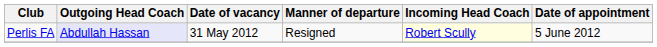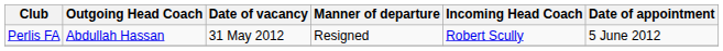 <table class="wikitable">
 <tr>
 <th>Club</th>
 <th>Outgoing Head Coach</th>
 <th>Date of vacancy</th>
 <th>Manner of departure</th>
 <th>Incoming Head Coach</th>
 <th>Date of appointment</th>
 </tr>
 <tr>
 <td><a href='#'>Perlis FA</a></td>
-<td style="background: lavender;"> <a href='#'>Abdullah Hassan</a></td>
+<td> <a href='#'>Abdullah Hassan</a></td>
 <td>31 May 2012</td>
 <td>Resigned</td>
-<td style="background: lightyellow;"> <a href='#'>Robert Scully</a></td>
+<td> <a href='#'>Robert Scully</a></td>
 <td>5 June 2012</td>
 </tr>
 <tr>
 </tr>
 </table>
